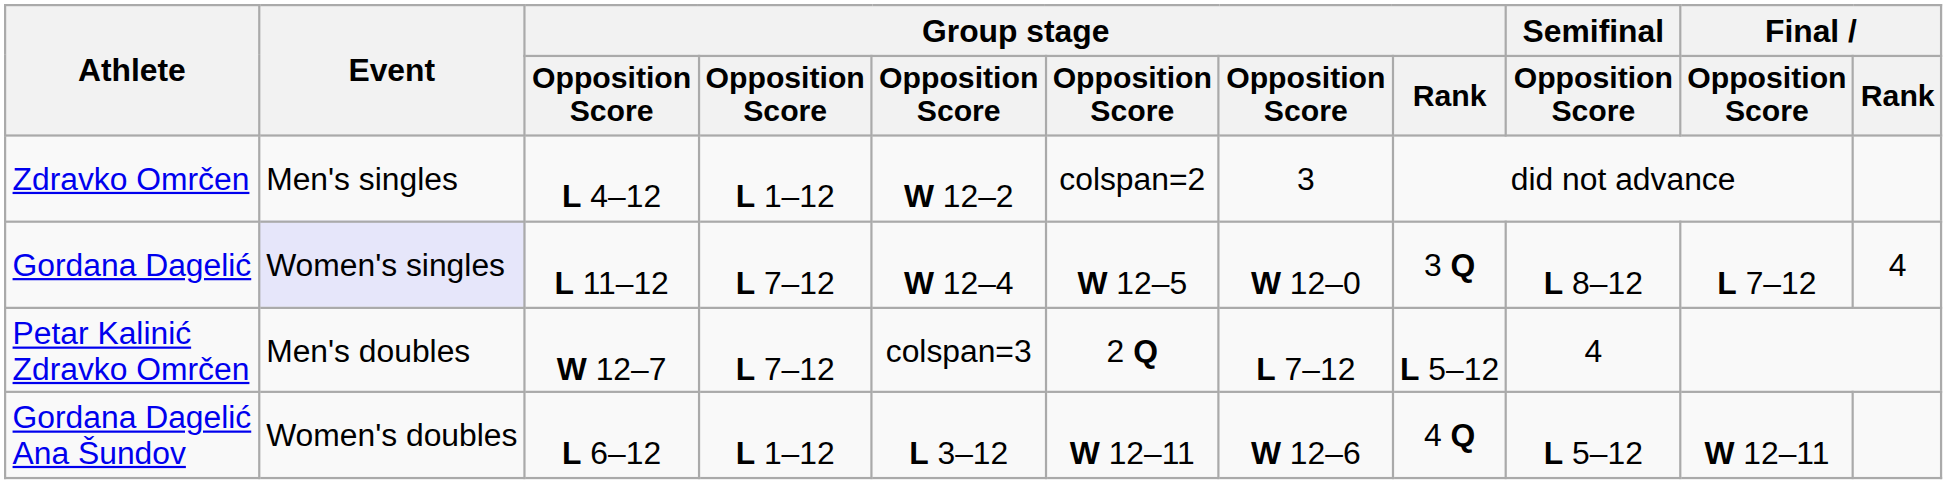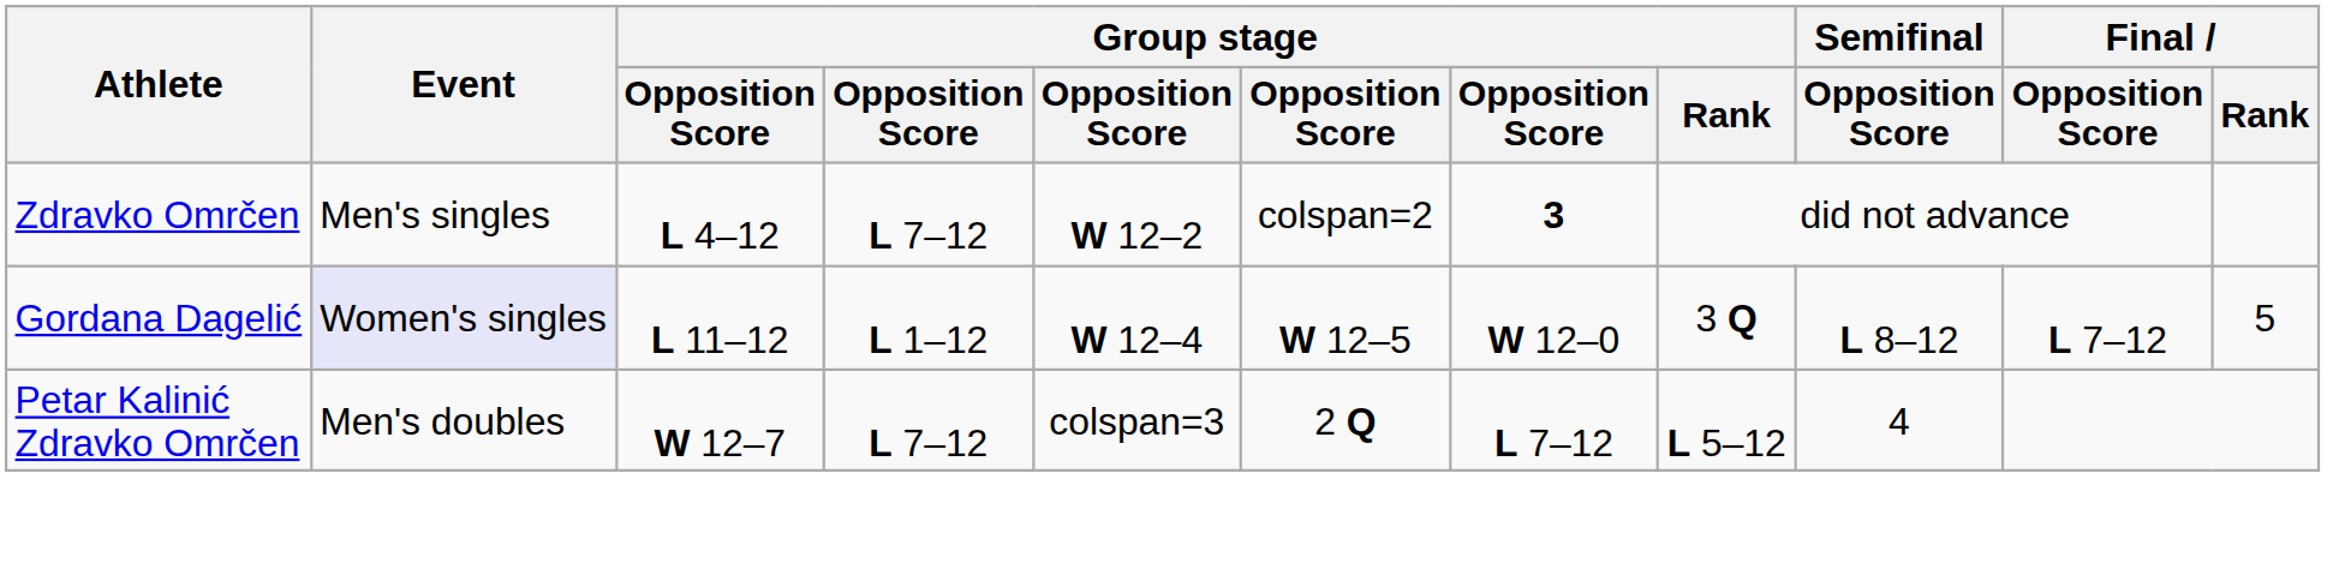 <table class=wikitable style="font-size:90%">
 <tr>
 <th rowspan=2>Athlete</th>
 <th rowspan=2>Event</th>
 <th colspan=6>Group stage</th>
 <th>Semifinal</th>
 <th colspan=2>Final / </th>
 </tr>
 <tr style="font-size:95%">
 <th>Opposition<br>Score</th>
 <th>Opposition<br>Score</th>
 <th>Opposition<br>Score</th>
 <th>Opposition<br>Score</th>
 <th>Opposition<br>Score</th>
 <th>Rank</th>
 <th>Opposition<br>Score</th>
 <th>Opposition<br>Score</th>
 <th>Rank</th>
 </tr>
 <tr align=center>
 <td align=left><a href='#'>Zdravko Omrčen</a></td>
 <td align=left>Men's singles</td>
 <td><br><strong>L</strong> 4–12</td>
-<td><br><strong>L</strong> 1–12</td>
+<td><br><strong>L</strong> 7–12</td>
 <td><br><strong>W</strong> 12–2</td>
 <td>colspan=2 </td>
-<td>3</td>
+<td><strong>3</strong></td>
 <td colspan=3>did not advance</td>
 </tr>
 <tr align=center>
 <td align=left><a href='#'>Gordana Dagelić</a></td>
 <td align=left style="background: lavender;">Women's singles</td>
 <td><br><strong>L</strong> 11–12</td>
-<td><br><strong>L</strong> 7–12</td>
+<td><br><strong>L</strong> 1–12</td>
 <td><br><strong>W</strong> 12–4</td>
 <td><br><strong>W</strong> 12–5</td>
 <td><br><strong>W</strong> 12–0</td>
 <td>3 <strong>Q</strong></td>
 <td><br><strong>L</strong> 8–12</td>
 <td><br><strong>L</strong> 7–12</td>
-<td>4</td>
+<td>5</td>
 </tr>
 <tr align=center>
 <td align=left><a href='#'>Petar Kalinić</a><br><a href='#'>Zdravko Omrčen</a></td>
 <td align=left>Men's doubles</td>
 <td><br><strong>W</strong> 12–7</td>
 <td><br><strong>L</strong> 7–12</td>
 <td>colspan=3 </td>
 <td>2 <strong>Q</strong></td>
 <td><br><strong>L</strong> 7–12</td>
 <td><br><strong>L</strong> 5–12</td>
 <td>4</td>
 </tr>
-<tr align=center>
-<td align=left><a href='#'>Gordana Dagelić</a><br><a href='#'>Ana Šundov</a></td>
-<td align=left>Women's doubles</td>
-<td><br><strong>L</strong> 6–12</td>
-<td><br><strong>L</strong> 1–12</td>
-<td><br><strong>L</strong> 3–12</td>
-<td><br><strong>W</strong> 12–11</td>
-<td><br><strong>W</strong> 12–6</td>
-<td>4 <strong>Q</strong></td>
-<td><br><strong>L</strong> 5–12</td>
-<td><br><strong>W</strong> 12–11</td>
-<td></td>
-</tr>
 </table>
